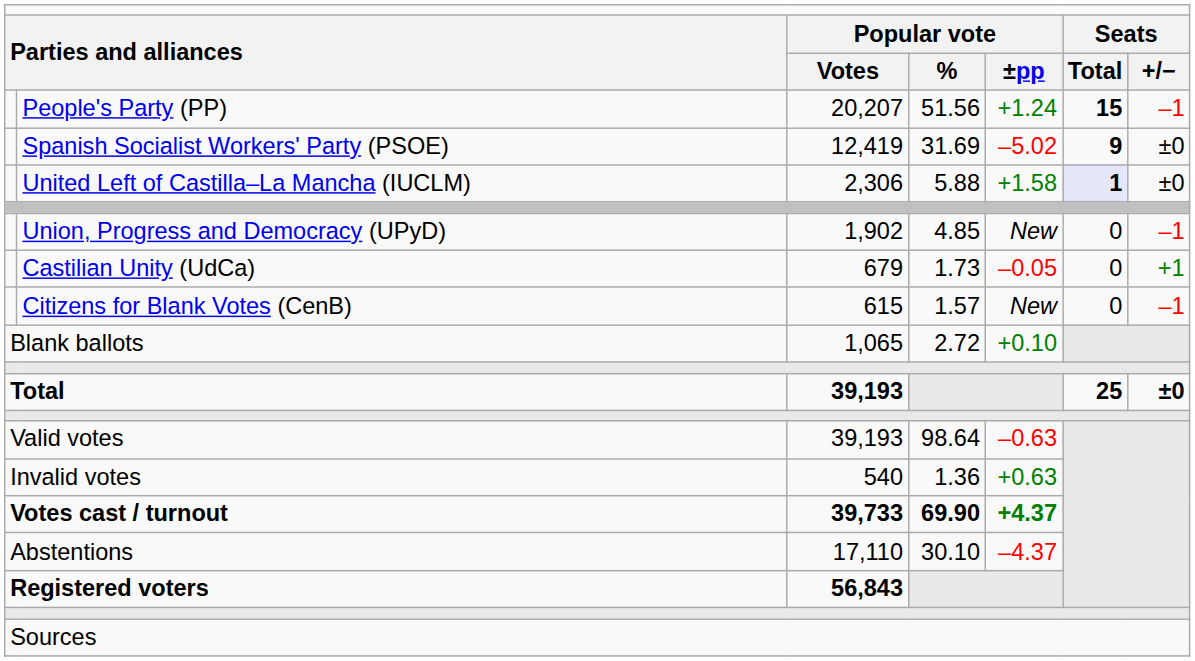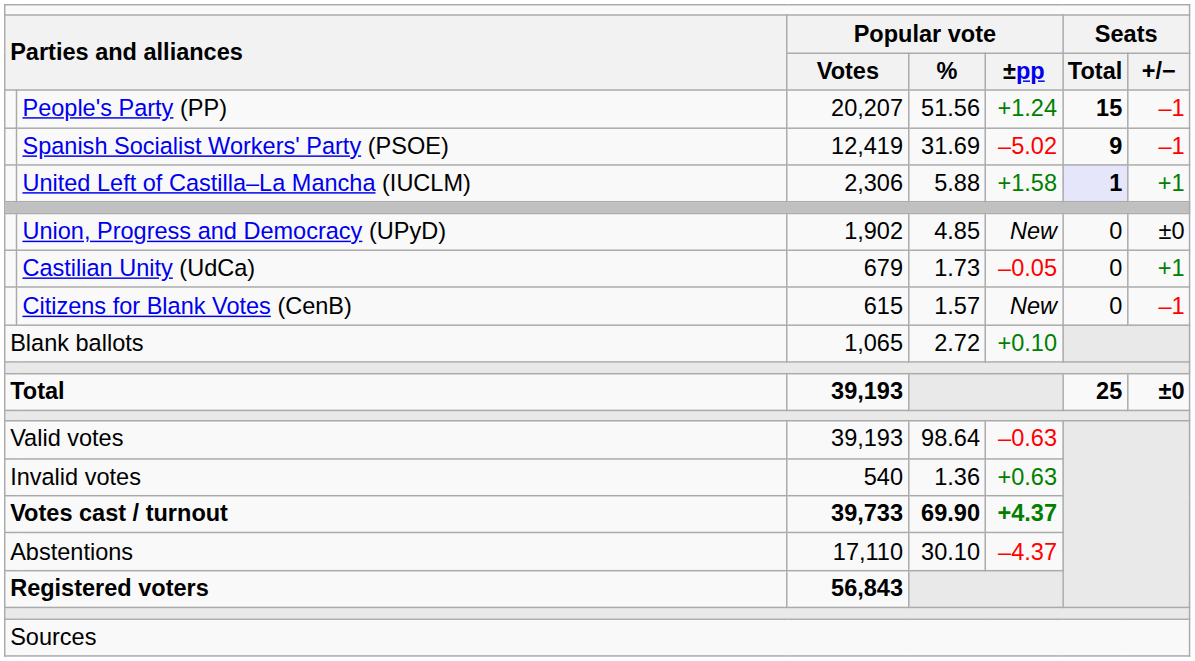 <table class="wikitable" style="text-align:right;">
 <tr>
 <td colspan="7"></td>
 </tr>
 <tr>
 <th style="text-align:left;" rowspan="2" colspan="2" width="525">Parties and alliances</th>
 <th colspan="3">Popular vote</th>
 <th colspan="2">Seats</th>
 </tr>
 <tr>
 <th width="75">Votes</th>
 <th width="45">%</th>
 <th width="45">±<a href='#'>pp</a></th>
 <th width="35">Total</th>
 <th width="35">+/−</th>
 </tr>
 <tr>
 <td width="1" style="color:inherit;background:"></td>
 <td align="left"><a href='#'>People's Party</a> (PP)</td>
 <td>20,207</td>
 <td>51.56</td>
 <td style="color:green;">+1.24</td>
 <td><strong>15</strong></td>
 <td style="color:red;">–1</td>
 </tr>
 <tr>
 <td style="color:inherit;background:"></td>
 <td align="left"><a href='#'>Spanish Socialist Workers' Party</a> (PSOE)</td>
 <td>12,419</td>
 <td>31.69</td>
 <td style="color:red;">–5.02</td>
 <td><strong>9</strong></td>
-<td>±0</td>
+<td style="color:red;">–1</td>
 </tr>
 <tr>
 <td style="color:inherit;background:"></td>
 <td align="left"><a href='#'>United Left of Castilla–La Mancha</a> (IUCLM)</td>
 <td>2,306</td>
 <td>5.88</td>
 <td style="color:green;">+1.58</td>
 <td style="background: lavender;"><strong>1</strong></td>
-<td>±0</td>
+<td style="color:green;">+1</td>
 </tr>
 <tr>
 <td colspan="7" bgcolor="#C0C0C0"></td>
 </tr>
 <tr>
 <td style="color:inherit;background:"></td>
 <td align="left"><a href='#'>Union, Progress and Democracy</a> (UPyD)</td>
 <td>1,902</td>
 <td>4.85</td>
 <td><em>New</em></td>
 <td>0</td>
-<td style="color:red;">–1</td>
+<td>±0</td>
 </tr>
 <tr>
 <td style="color:inherit;background:"></td>
 <td align="left"><a href='#'>Castilian Unity</a> (UdCa)</td>
 <td>679</td>
 <td>1.73</td>
 <td style="color:red;">–0.05</td>
 <td>0</td>
 <td style="color:green;">+1</td>
 </tr>
 <tr>
 <td style="color:inherit;background:"></td>
 <td align="left"><a href='#'>Citizens for Blank Votes</a> (CenB)</td>
 <td>615</td>
 <td>1.57</td>
 <td><em>New</em></td>
 <td>0</td>
 <td style="color:red;">–1</td>
 </tr>
 <tr>
 <td align="left" colspan="2">Blank ballots</td>
 <td>1,065</td>
 <td>2.72</td>
 <td style="color:green;">+0.10</td>
 <td bgcolor="#E9E9E9" colspan="2"></td>
 </tr>
 <tr>
 <td colspan="7" bgcolor="#E9E9E9"></td>
 </tr>
 <tr style="font-weight:bold;">
 <td align="left" colspan="2">Total</td>
 <td>39,193</td>
 <td bgcolor="#E9E9E9" colspan="2"></td>
 <td>25</td>
 <td>±0</td>
 </tr>
 <tr>
 <td colspan="7" bgcolor="#E9E9E9"></td>
 </tr>
 <tr>
 <td align="left" colspan="2">Valid votes</td>
 <td>39,193</td>
 <td>98.64</td>
 <td style="color:red;">–0.63</td>
 <td bgcolor="#E9E9E9" colspan="2" rowspan="5"></td>
 </tr>
 <tr>
 <td align="left" colspan="2">Invalid votes</td>
 <td>540</td>
 <td>1.36</td>
 <td style="color:green;">+0.63</td>
 </tr>
 <tr style="font-weight:bold;">
 <td align="left" colspan="2">Votes cast / turnout</td>
 <td>39,733</td>
 <td>69.90</td>
 <td style="color:green;">+4.37</td>
 </tr>
 <tr>
 <td align="left" colspan="2">Abstentions</td>
 <td>17,110</td>
 <td>30.10</td>
 <td style="color:red;">–4.37</td>
 </tr>
 <tr style="font-weight:bold;">
 <td align="left" colspan="2">Registered voters</td>
 <td>56,843</td>
 <td bgcolor="#E9E9E9" colspan="2"></td>
 </tr>
 <tr>
 <td colspan="7" bgcolor="#E9E9E9"></td>
 </tr>
 <tr>
 <td align="left" colspan="7">Sources</td>
 </tr>
 </table>
